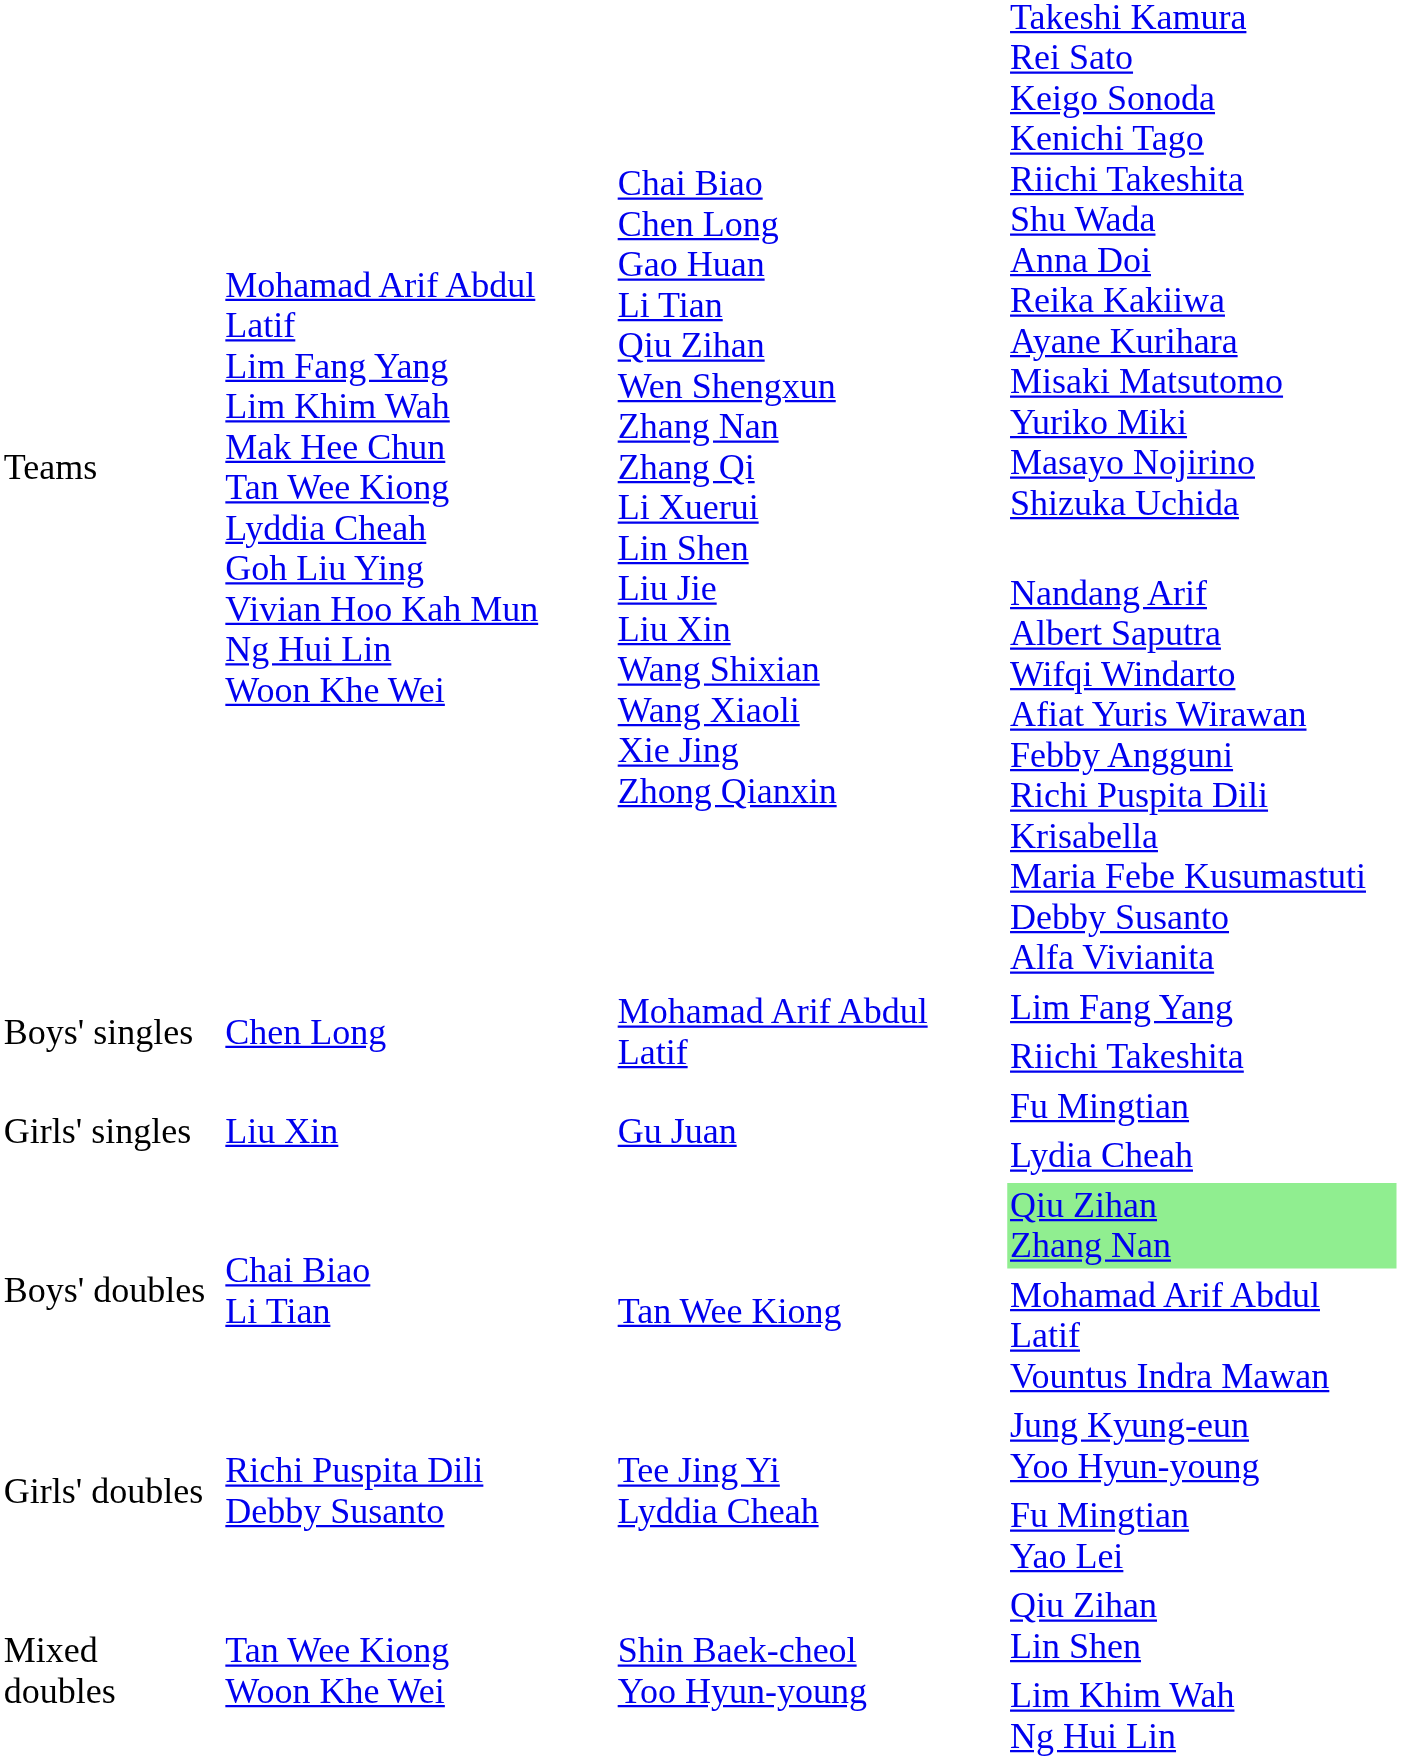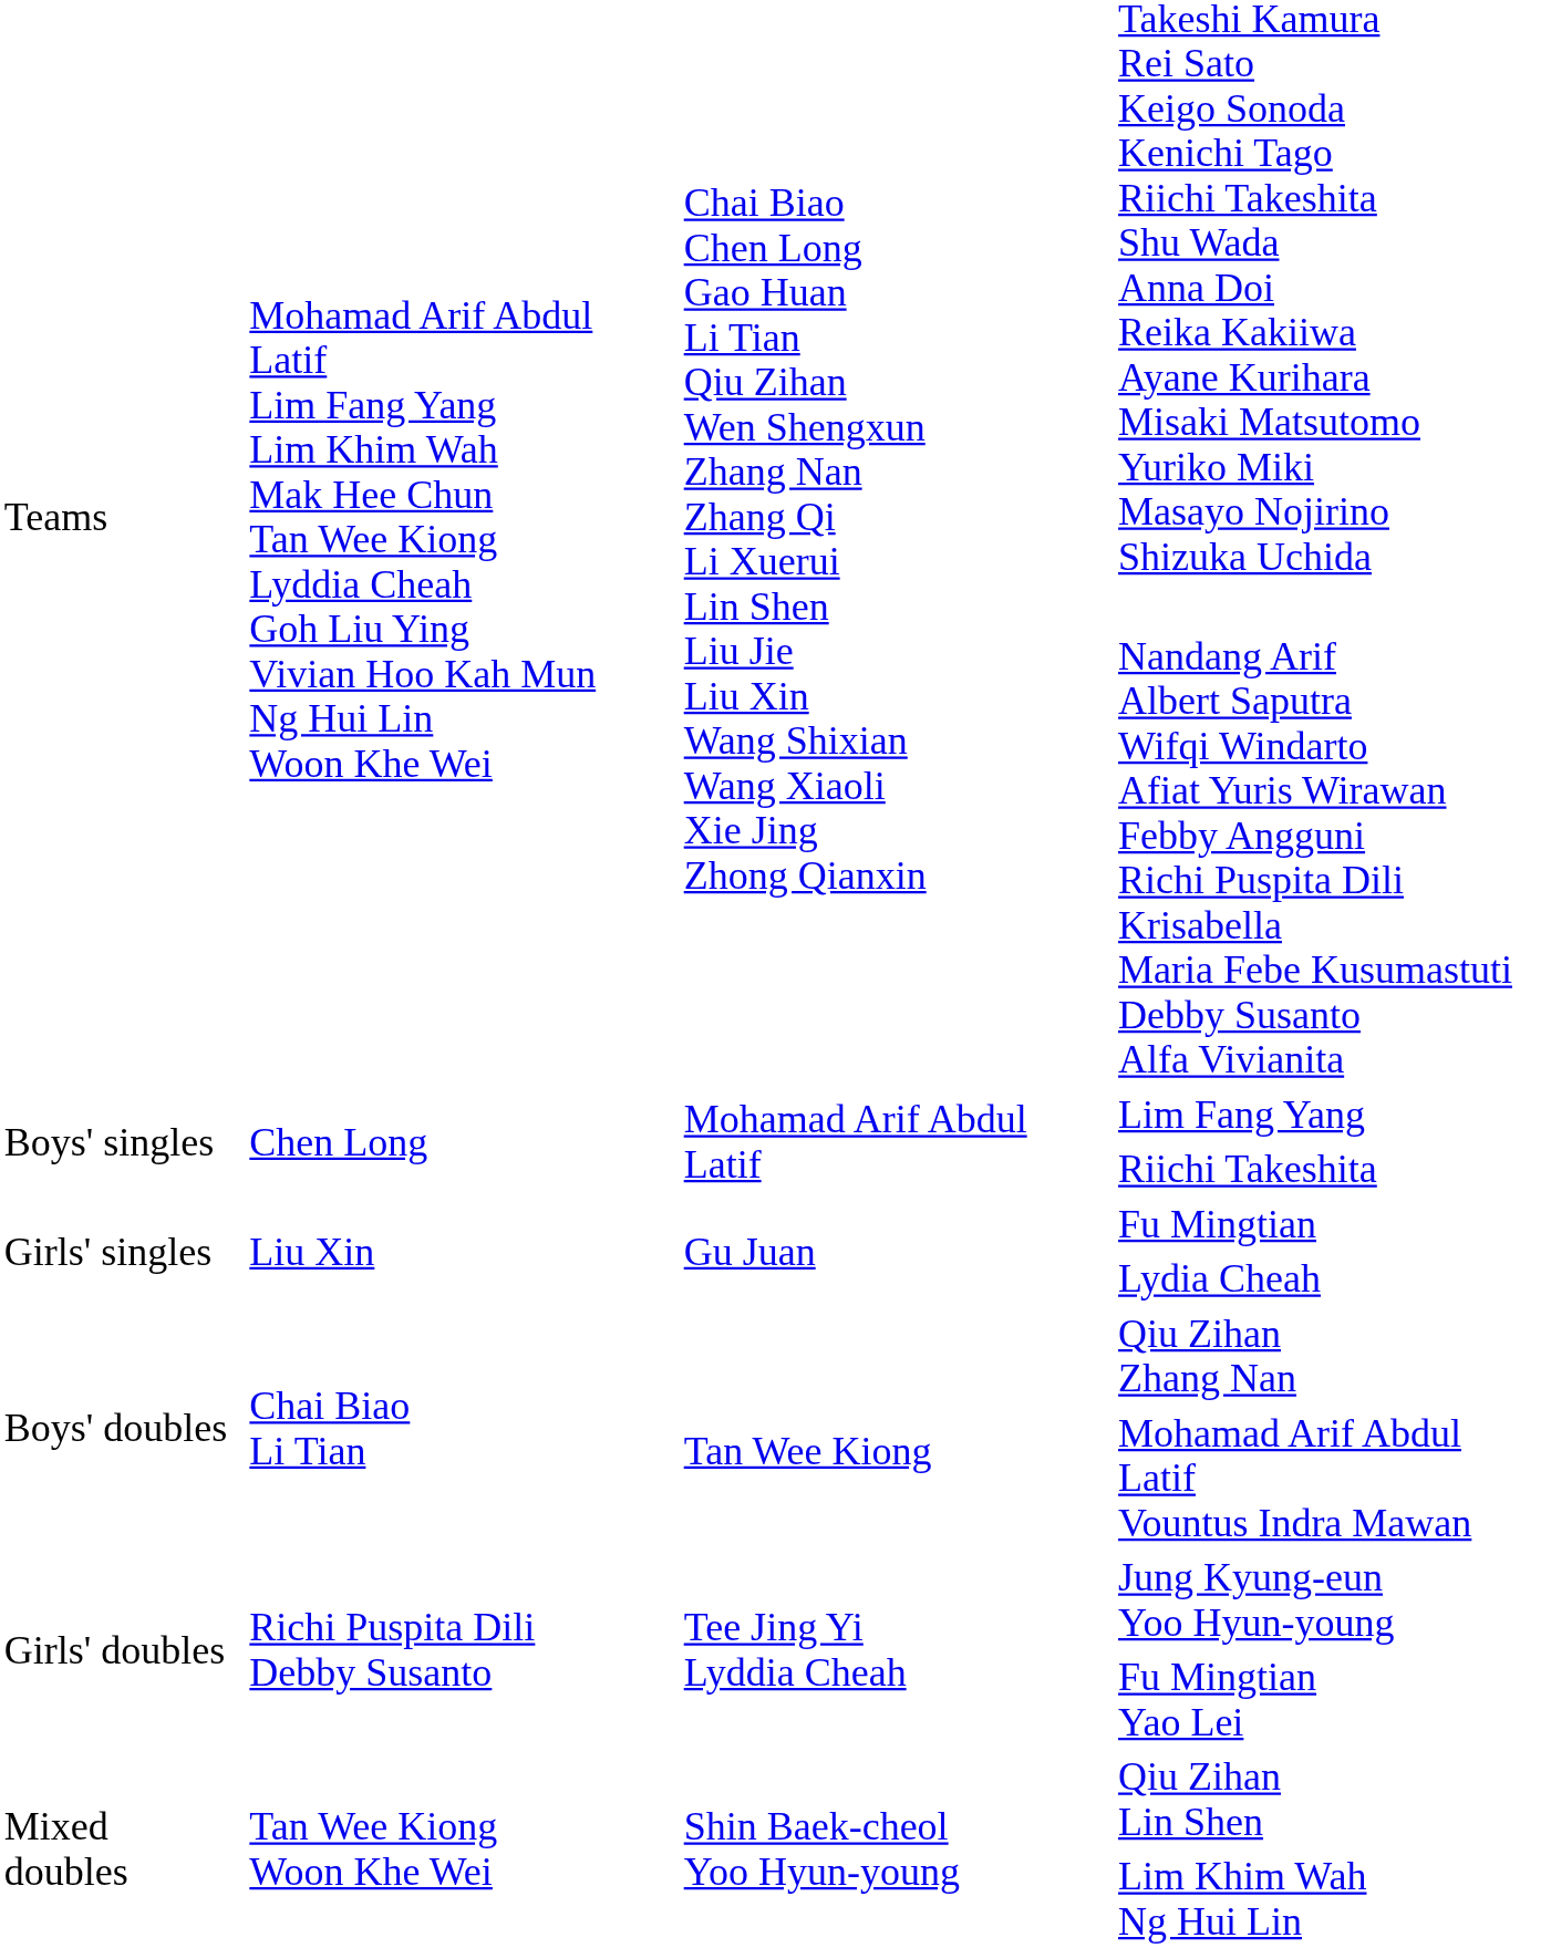 <table>
 <tr>
 <td rowspan=2>Teams<br></td>
 <td rowspan=2><br><a href='#'>Mohamad Arif Abdul Latif</a><br><a href='#'>Lim Fang Yang</a><br><a href='#'>Lim Khim Wah</a><br><a href='#'>Mak Hee Chun</a><br><a href='#'>Tan Wee Kiong</a><br><a href='#'>Lyddia Cheah</a><br><a href='#'>Goh Liu Ying</a><br><a href='#'>Vivian Hoo Kah Mun</a><br><a href='#'>Ng Hui Lin</a><br><a href='#'>Woon Khe Wei</a></td>
 <td rowspan=2><br><a href='#'>Chai Biao</a><br><a href='#'>Chen Long</a><br><a href='#'>Gao Huan</a><br><a href='#'>Li Tian</a><br><a href='#'>Qiu Zihan</a><br><a href='#'>Wen Shengxun</a><br><a href='#'>Zhang Nan</a><br><a href='#'>Zhang Qi</a><br><a href='#'>Li Xuerui</a><br><a href='#'>Lin Shen</a><br><a href='#'>Liu Jie</a><br><a href='#'>Liu Xin</a><br><a href='#'>Wang Shixian</a><br><a href='#'>Wang Xiaoli</a><br><a href='#'>Xie Jing</a><br><a href='#'>Zhong Qianxin</a></td>
 <td><br><a href='#'>Takeshi Kamura</a><br><a href='#'>Rei Sato</a><br><a href='#'>Keigo Sonoda</a><br><a href='#'>Kenichi Tago</a><br><a href='#'>Riichi Takeshita</a><br><a href='#'>Shu Wada</a><br><a href='#'>Anna Doi</a><br><a href='#'>Reika Kakiiwa</a><br><a href='#'>Ayane Kurihara</a><br><a href='#'>Misaki Matsutomo</a><br><a href='#'>Yuriko Miki</a><br><a href='#'>Masayo Nojirino</a><br><a href='#'>Shizuka Uchida</a></td>
 </tr>
 <tr>
 <td><br><a href='#'>Nandang Arif</a><br><a href='#'>Albert Saputra</a><br><a href='#'>Wifqi Windarto</a><br><a href='#'>Afiat Yuris Wirawan</a><br><a href='#'>Febby Angguni</a><br><a href='#'>Richi Puspita Dili</a><br><a href='#'>Krisabella</a><br><a href='#'>Maria Febe Kusumastuti</a><br><a href='#'>Debby Susanto</a><br><a href='#'>Alfa Vivianita</a></td>
 </tr>
 <tr>
 <td rowspan=2>Boys' singles<br></td>
 <td rowspan=2> <a href='#'>Chen Long</a></td>
 <td rowspan=2> <a href='#'>Mohamad Arif Abdul Latif</a></td>
 <td> <a href='#'>Lim Fang Yang</a></td>
 </tr>
 <tr>
 <td> <a href='#'>Riichi Takeshita</a></td>
 </tr>
 <tr>
 <td rowspan=2>Girls' singles<br></td>
 <td rowspan=2> <a href='#'>Liu Xin</a></td>
 <td rowspan=2> <a href='#'>Gu Juan</a></td>
 <td> <a href='#'>Fu Mingtian</a></td>
 </tr>
 <tr>
 <td> <a href='#'>Lydia Cheah</a></td>
 </tr>
 <tr>
 <td rowspan=2>Boys' doubles<br></td>
 <td rowspan=2> <a href='#'>Chai Biao</a><br> <a href='#'>Li Tian</a></td>
 <td rowspan=2><br> <a href='#'>Tan Wee Kiong</a></td>
-<td style="background: lightgreen;"> <a href='#'>Qiu Zihan</a><br> <a href='#'>Zhang Nan</a></td>
+<td> <a href='#'>Qiu Zihan</a><br> <a href='#'>Zhang Nan</a></td>
 </tr>
 <tr>
 <td> <a href='#'>Mohamad Arif Abdul Latif</a><br> <a href='#'>Vountus Indra Mawan</a></td>
 </tr>
 <tr>
 <td rowspan=2>Girls' doubles<br></td>
 <td rowspan=2> <a href='#'>Richi Puspita Dili</a><br> <a href='#'>Debby Susanto</a></td>
 <td rowspan=2> <a href='#'>Tee Jing Yi</a><br> <a href='#'>Lyddia Cheah</a></td>
 <td> <a href='#'>Jung Kyung-eun</a><br> <a href='#'>Yoo Hyun-young</a></td>
 </tr>
 <tr>
 <td> <a href='#'>Fu Mingtian</a><br> <a href='#'>Yao Lei</a></td>
 </tr>
 <tr>
 <td rowspan=2>Mixed doubles<br></td>
 <td rowspan=2> <a href='#'>Tan Wee Kiong</a><br> <a href='#'>Woon Khe Wei</a></td>
 <td rowspan=2> <a href='#'>Shin Baek-cheol</a><br> <a href='#'>Yoo Hyun-young</a></td>
 <td> <a href='#'>Qiu Zihan</a><br> <a href='#'>Lin Shen</a></td>
 </tr>
 <tr>
 <td> <a href='#'>Lim Khim Wah</a><br> <a href='#'>Ng Hui Lin</a></td>
 </tr>
 </table>
